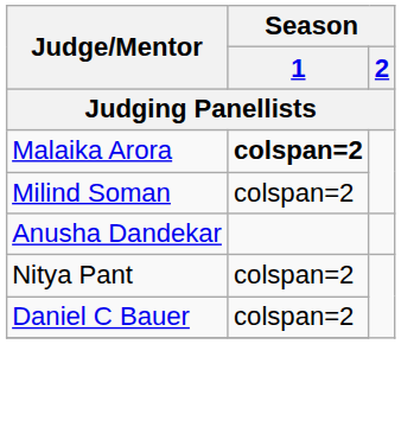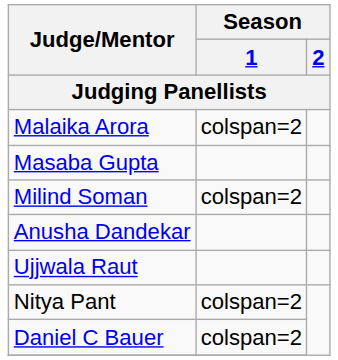 <table class="wikitable" style="margin:1em auto 1em auto">
 <tr>
 <th rowspan="2">Judge/Mentor</th>
 <th colspan="2">Season</th>
 </tr>
 <tr>
 <th><a href='#'>1</a></th>
 <th><a href='#'>2</a></th>
 </tr>
 <tr>
 <th colspan="3" scope="col">Judging Panellists</th>
 </tr>
 <tr>
 <td scope="row"><a href='#'>Malaika Arora</a></td>
-<td><strong>colspan=2 </strong></td>
+<td>colspan=2 </td>
+</tr>
+<tr>
+<td scope="row"><a href='#'>Masaba Gupta</a></td>
+<td></td>
+<td></td>
 </tr>
 <tr>
 <td scope="row"><a href='#'>Milind Soman</a></td>
 <td>colspan=2 </td>
 </tr>
 <tr>
 <td scope="row"><a href='#'>Anusha Dandekar</a></td>
+<td></td>
+<td></td>
+</tr>
+<tr>
+<td scope="row"><a href='#'>Ujjwala Raut</a></td>
 <td></td>
 <td></td>
 </tr>
 <tr>
 <td scope="row">Nitya Pant</td>
 <td>colspan=2 </td>
 </tr>
 <tr>
 <td scope="row"><a href='#'>Daniel C Bauer</a></td>
 <td>colspan=2 </td>
 </tr>
 <tr>
 </tr>
 </table>
